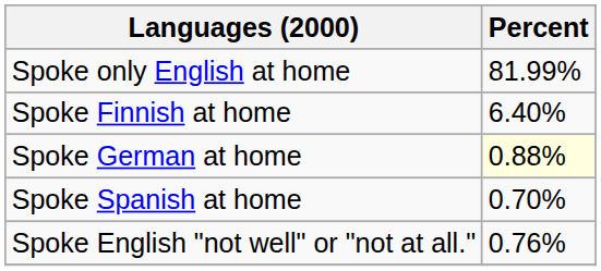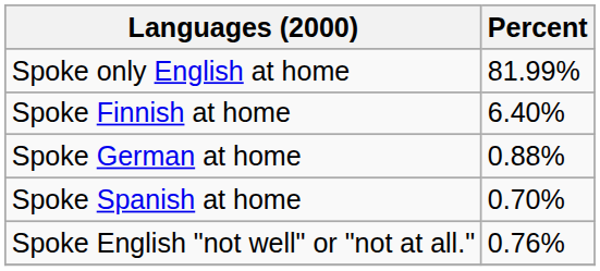 <table class="wikitable sortable collapsible" style="font-size: 90%;">
 <tr>
 <th>Languages (2000) </th>
 <th>Percent</th>
 </tr>
 <tr>
 <td>Spoke only <a href='#'>English</a> at home</td>
 <td>81.99%</td>
 </tr>
 <tr>
 <td>Spoke <a href='#'>Finnish</a> at home</td>
 <td>6.40%</td>
 </tr>
 <tr>
 <td>Spoke <a href='#'>German</a> at home</td>
-<td style="background: lightyellow;">0.88%</td>
+<td>0.88%</td>
 </tr>
 <tr>
 <td>Spoke <a href='#'>Spanish</a> at home</td>
 <td>0.70%</td>
 </tr>
 <tr>
 <td>Spoke English "not well" or "not at all."</td>
 <td>0.76%</td>
 </tr>
 <tr>
 </tr>
 </table>
